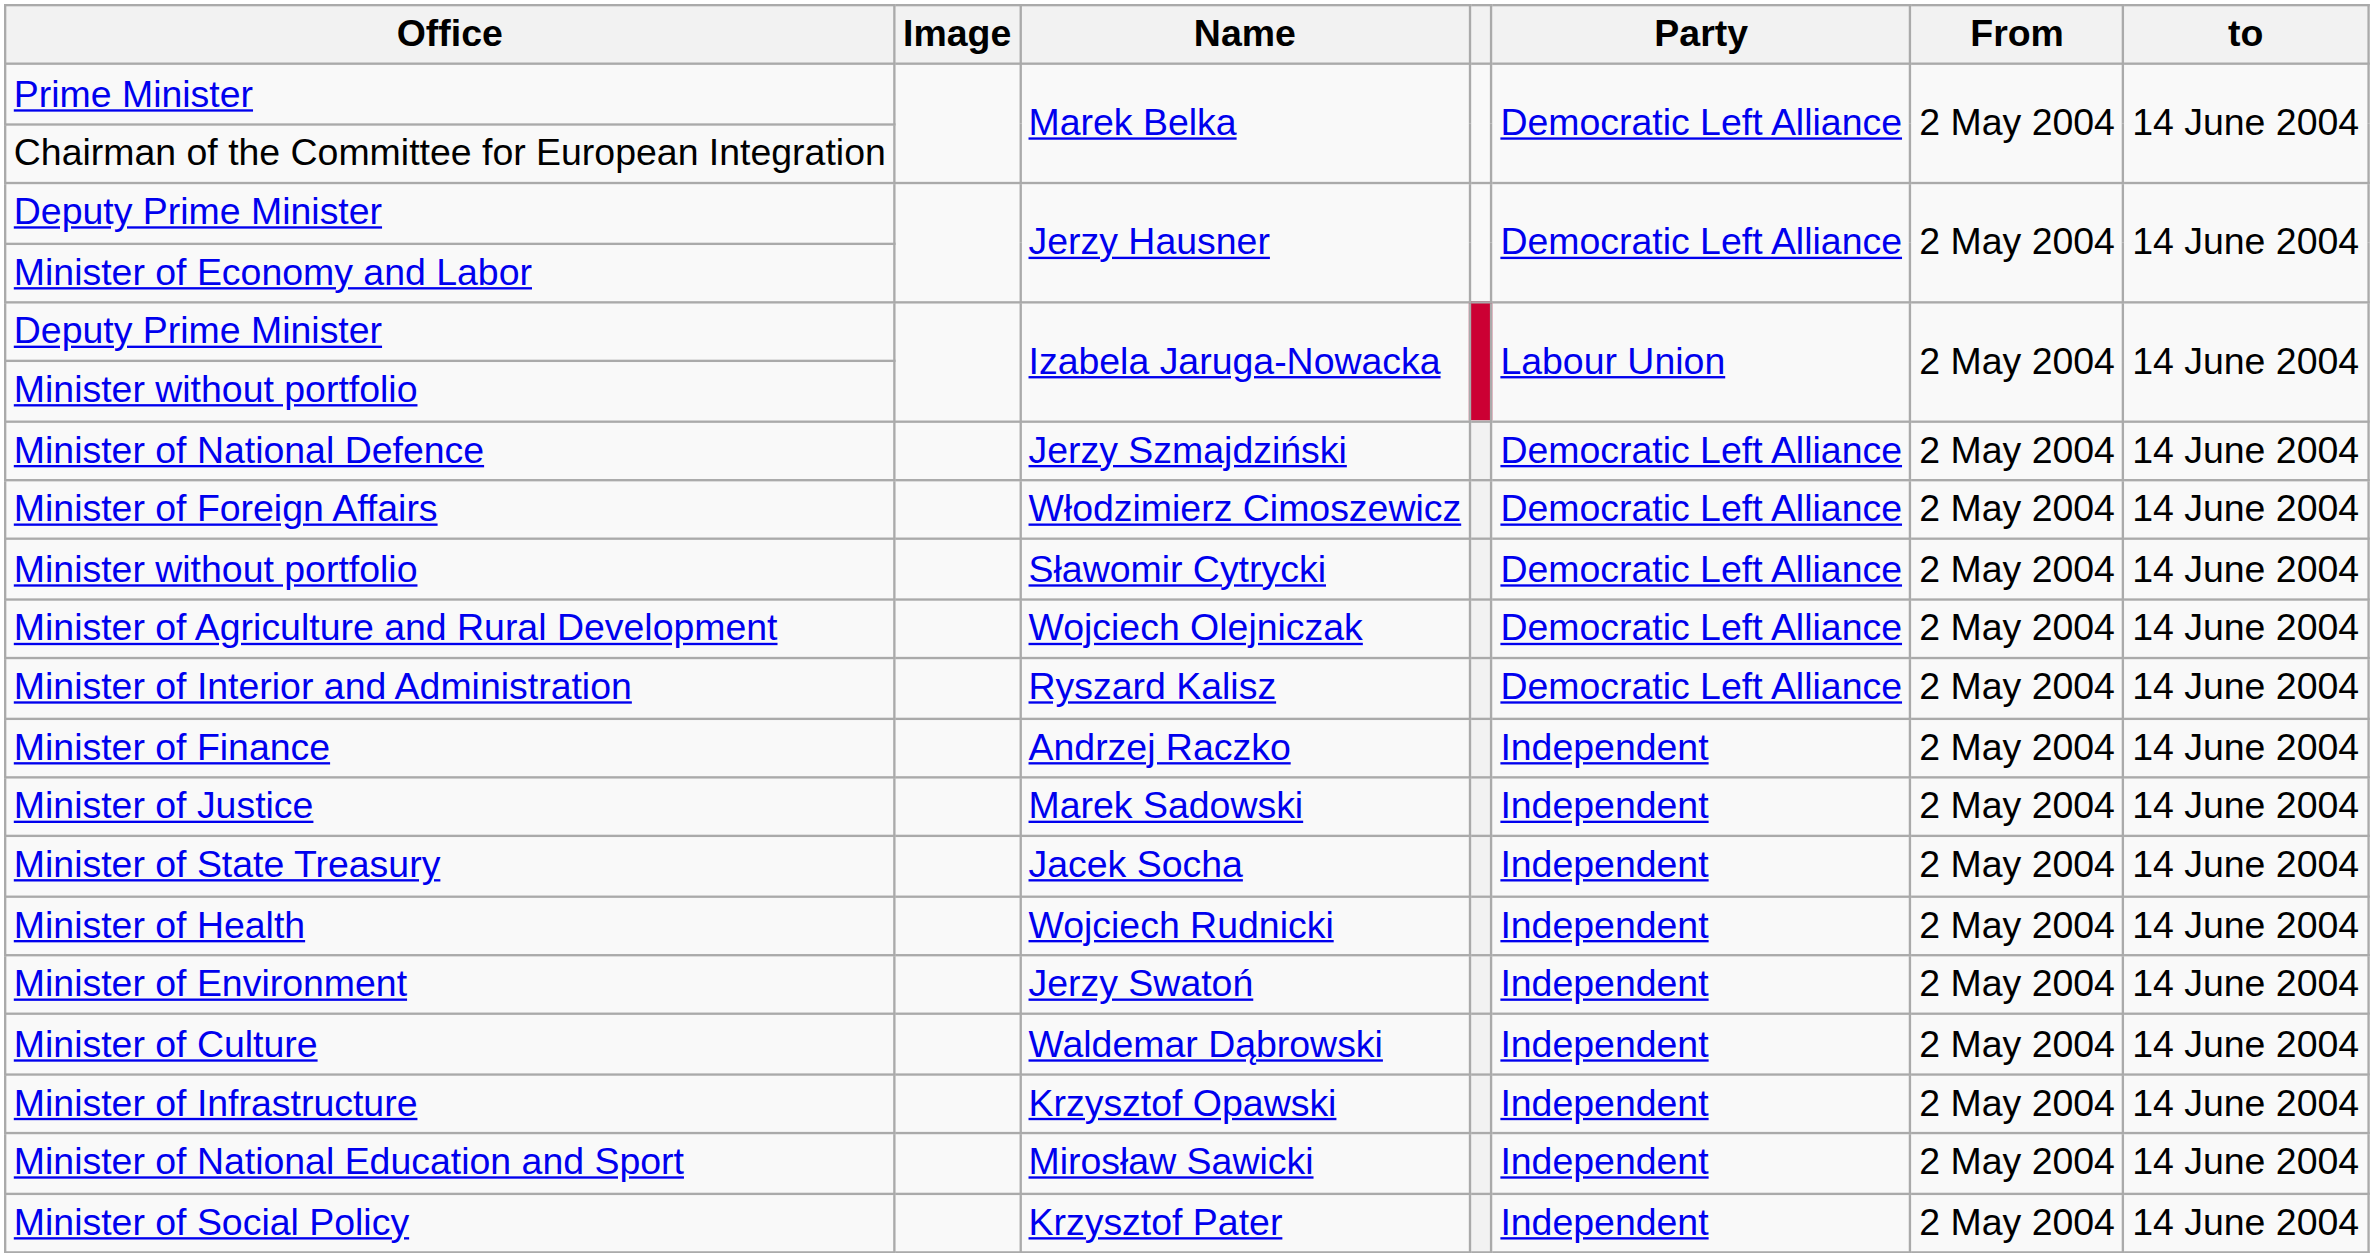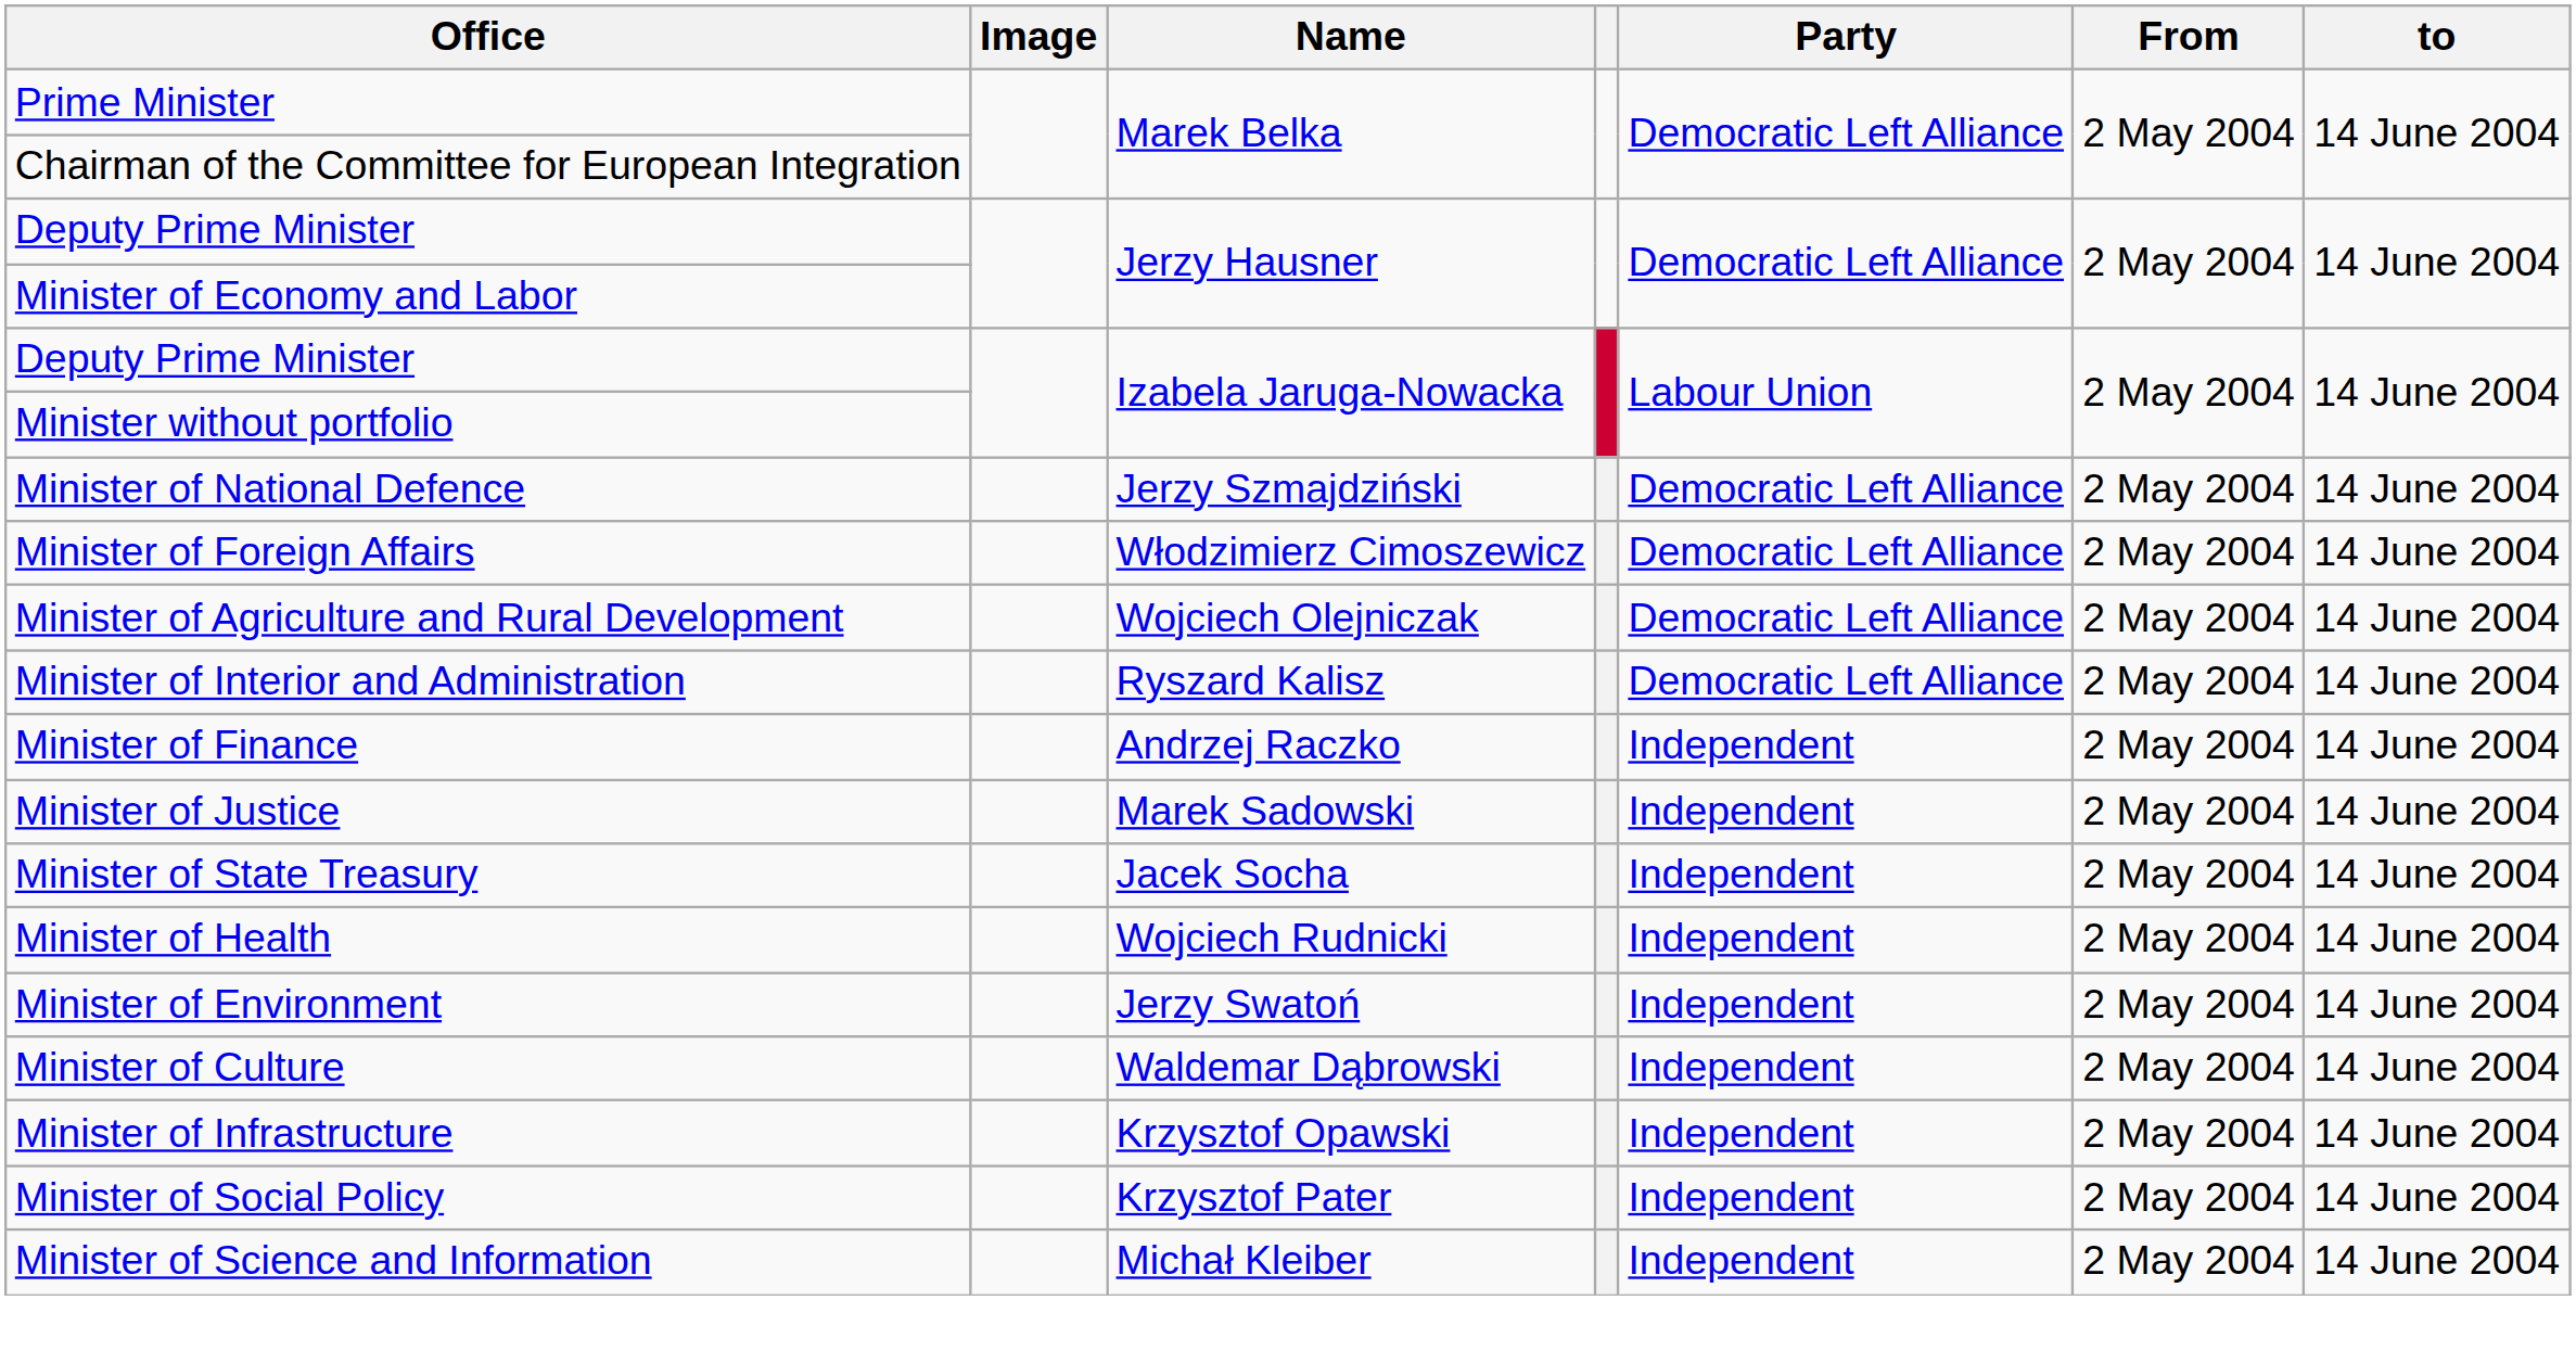 <table class="wikitable">
 <tr>
 <th>Office</th>
 <th>Image</th>
 <th>Name</th>
 <th></th>
 <th>Party</th>
 <th>From</th>
 <th>to</th>
 </tr>
 <tr>
 <td><a href='#'>Prime Minister</a></td>
 <td rowspan="2"></td>
 <td rowspan="2"><a href='#'>Marek Belka</a></td>
 <td rowspan="2" style="background:"></td>
 <td rowspan="2"><a href='#'>Democratic Left Alliance</a></td>
 <td rowspan="2">2 May 2004</td>
 <td rowspan="2">14 June 2004</td>
 </tr>
 <tr>
 <td>Chairman of the Committee for European Integration</td>
 </tr>
 <tr>
 <td><a href='#'>Deputy Prime Minister</a></td>
 <td rowspan="2"></td>
 <td rowspan="2"><a href='#'>Jerzy Hausner</a></td>
 <td rowspan="2" style="background:"></td>
 <td rowspan="2"><a href='#'>Democratic Left Alliance</a></td>
 <td rowspan="2">2 May 2004</td>
 <td rowspan="2">14 June 2004</td>
 </tr>
 <tr>
 <td><a href='#'>Minister of Economy and Labor</a></td>
 </tr>
 <tr>
 <td><a href='#'>Deputy Prime Minister</a></td>
 <td rowspan="2"></td>
 <td rowspan="2"><a href='#'>Izabela Jaruga-Nowacka</a></td>
 <td rowspan="2" style="width:2px;background:#CC0033;"></td>
 <td rowspan="2"><a href='#'>Labour Union</a></td>
 <td rowspan="2">2 May 2004</td>
 <td rowspan="2">14 June 2004</td>
 </tr>
 <tr>
 <td><a href='#'>Minister without portfolio</a></td>
 </tr>
 <tr>
 <td><a href='#'>Minister of National Defence</a></td>
 <td></td>
 <td><a href='#'>Jerzy Szmajdziński</a></td>
 <th style="background:"></th>
 <td><a href='#'>Democratic Left Alliance</a></td>
 <td>2 May 2004</td>
 <td>14 June 2004</td>
 </tr>
 <tr>
 <td><a href='#'>Minister of Foreign Affairs</a></td>
 <td></td>
 <td><a href='#'>Włodzimierz Cimoszewicz</a></td>
-<th style="background:"></th>
-<td><a href='#'>Democratic Left Alliance</a></td>
-<td>2 May 2004</td>
-<td>14 June 2004</td>
-</tr>
-<tr>
-<td><a href='#'>Minister without portfolio</a></td>
-<td></td>
-<td><a href='#'>Sławomir Cytrycki</a></td>
 <th style="background:"></th>
 <td><a href='#'>Democratic Left Alliance</a></td>
 <td>2 May 2004</td>
 <td>14 June 2004</td>
 </tr>
 <tr>
 <td><a href='#'>Minister of Agriculture and Rural Development</a></td>
 <td></td>
 <td><a href='#'>Wojciech Olejniczak</a></td>
 <th style="background:"></th>
 <td><a href='#'>Democratic Left Alliance</a></td>
 <td>2 May 2004</td>
 <td>14 June 2004</td>
 </tr>
 <tr>
 <td><a href='#'>Minister of Interior and Administration</a></td>
 <td></td>
 <td><a href='#'>Ryszard Kalisz</a></td>
 <th style="background:"></th>
 <td><a href='#'>Democratic Left Alliance</a></td>
 <td>2 May 2004</td>
 <td>14 June 2004</td>
 </tr>
 <tr>
 <td><a href='#'>Minister of Finance</a></td>
 <td></td>
 <td><a href='#'>Andrzej Raczko</a></td>
 <th style="background:"></th>
 <td><a href='#'>Independent</a></td>
 <td>2 May 2004</td>
 <td>14 June 2004</td>
 </tr>
 <tr>
 <td><a href='#'>Minister of Justice</a></td>
 <td></td>
 <td><a href='#'>Marek Sadowski</a></td>
 <th style="background:"></th>
 <td><a href='#'>Independent</a></td>
 <td>2 May 2004</td>
 <td>14 June 2004</td>
 </tr>
 <tr>
 <td><a href='#'>Minister of State Treasury</a></td>
 <td></td>
 <td><a href='#'>Jacek Socha</a></td>
 <th style="background:"></th>
 <td><a href='#'>Independent</a></td>
 <td>2 May 2004</td>
 <td>14 June 2004</td>
 </tr>
 <tr>
 <td><a href='#'>Minister of Health</a></td>
 <td></td>
 <td><a href='#'>Wojciech Rudnicki</a></td>
 <th style="background:"></th>
 <td><a href='#'>Independent</a></td>
 <td>2 May 2004</td>
 <td>14 June 2004</td>
 </tr>
 <tr>
 <td><a href='#'>Minister of Environment</a></td>
 <td></td>
 <td><a href='#'>Jerzy Swatoń</a></td>
 <th style="background:"></th>
 <td><a href='#'>Independent</a></td>
 <td>2 May 2004</td>
 <td>14 June 2004</td>
 </tr>
 <tr>
 <td><a href='#'>Minister of Culture</a></td>
 <td></td>
 <td><a href='#'>Waldemar Dąbrowski</a></td>
 <th style="background:"></th>
 <td><a href='#'>Independent</a></td>
 <td>2 May 2004</td>
 <td>14 June 2004</td>
 </tr>
 <tr>
 <td><a href='#'>Minister of Infrastructure</a></td>
 <td></td>
 <td><a href='#'>Krzysztof Opawski</a></td>
 <th style="background:"></th>
 <td><a href='#'>Independent</a></td>
 <td>2 May 2004</td>
 <td>14 June 2004</td>
 </tr>
 <tr>
-<td><a href='#'>Minister of National Education and Sport</a></td>
-<td></td>
-<td><a href='#'>Mirosław Sawicki</a></td>
-<th style="background:"></th>
-<td><a href='#'>Independent</a></td>
-<td>2 May 2004</td>
-<td>14 June 2004</td>
-</tr>
-<tr>
 <td><a href='#'>Minister of Social Policy</a></td>
 <td></td>
 <td><a href='#'>Krzysztof Pater</a></td>
 <th style="background:"></th>
 <td><a href='#'>Independent</a></td>
 <td>2 May 2004</td>
 <td>14 June 2004</td>
 </tr>
+<tr>
+<td><a href='#'>Minister of Science and Information</a></td>
+<td></td>
+<td><a href='#'>Michał Kleiber</a></td>
+<th style="background:"></th>
+<td><a href='#'>Independent</a></td>
+<td>2 May 2004</td>
+<td>14 June 2004</td>
+</tr>
 </table>
